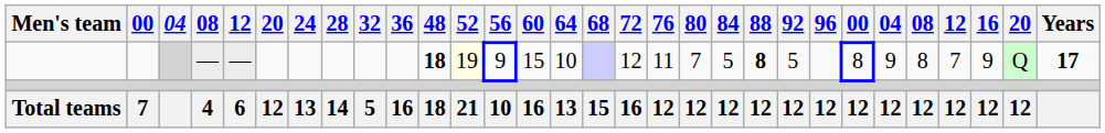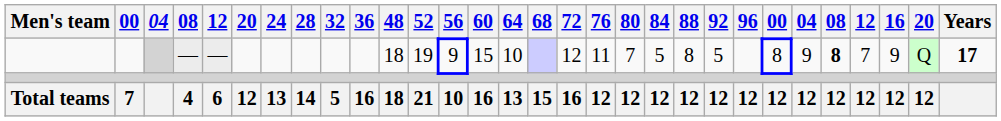 <table class="wikitable" style="text-align: center; font-size: 90%; margin-left: 1em;">
 <tr>
 <th>Men's team</th>
 <th><a href='#'>00</a></th>
 <th><em><a href='#'>04</a></em></th>
 <th><a href='#'>08</a></th>
 <th><a href='#'>12</a></th>
 <th><a href='#'>20</a></th>
 <th><a href='#'>24</a></th>
 <th><a href='#'>28</a></th>
 <th><a href='#'>32</a></th>
 <th><a href='#'>36</a></th>
 <th><a href='#'>48</a></th>
 <th><a href='#'>52</a></th>
 <th><a href='#'>56</a></th>
 <th><a href='#'>60</a></th>
 <th><a href='#'>64</a></th>
 <th><a href='#'>68</a></th>
 <th><a href='#'>72</a></th>
 <th><a href='#'>76</a></th>
 <th><a href='#'>80</a></th>
 <th><a href='#'>84</a></th>
 <th><a href='#'>88</a></th>
 <th><a href='#'>92</a></th>
 <th><a href='#'>96</a></th>
 <th><a href='#'>00</a></th>
 <th><a href='#'>04</a></th>
 <th><a href='#'>08</a></th>
 <th><a href='#'>12</a></th>
 <th><a href='#'>16</a></th>
 <th><a href='#'>20</a></th>
 <th>Years</th>
 </tr>
 <tr>
 <td style="text-align: left;"></td>
 <td></td>
 <td style="background-color: lightgray;"></td>
 <td style="background-color: #ececec;">—</td>
 <td style="background-color: #ececec;">—</td>
 <td></td>
 <td></td>
 <td></td>
 <td></td>
 <td></td>
-<td><strong>18</strong></td>
-<td style="background: lightyellow;">19</td>
+<td>18</td>
+<td>19</td>
 <td style="border: 2px solid blue;">9</td>
 <td>15</td>
 <td>10</td>
 <td style="background-color: #ccccff;"></td>
 <td>12</td>
 <td>11</td>
 <td>7</td>
 <td>5</td>
-<td><strong>8</strong></td>
+<td>8</td>
 <td>5</td>
 <td></td>
 <td style="border: 2px solid blue;">8</td>
 <td>9</td>
-<td>8</td>
+<td><strong>8</strong></td>
 <td>7</td>
 <td>9</td>
 <td style="background-color: #ccffcc;">Q</td>
 <td><strong>17</strong></td>
 </tr>
 <tr style="background-color: lightgrey;">
 <td colspan="30"></td>
 </tr>
 <tr>
 <th>Total teams</th>
 <th>7</th>
 <th></th>
 <th>4</th>
 <th>6</th>
 <th>12</th>
 <th>13</th>
 <th>14</th>
 <th>5</th>
 <th>16</th>
 <th>18</th>
 <th>21</th>
 <th>10</th>
 <th>16</th>
 <th>13</th>
 <th>15</th>
 <th>16</th>
 <th>12</th>
 <th>12</th>
 <th>12</th>
 <th>12</th>
 <th>12</th>
 <th>12</th>
 <th>12</th>
 <th>12</th>
 <th>12</th>
 <th>12</th>
 <th>12</th>
 <th>12</th>
 <th></th>
 </tr>
 </table>
